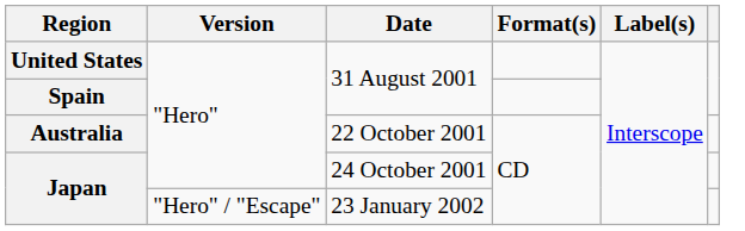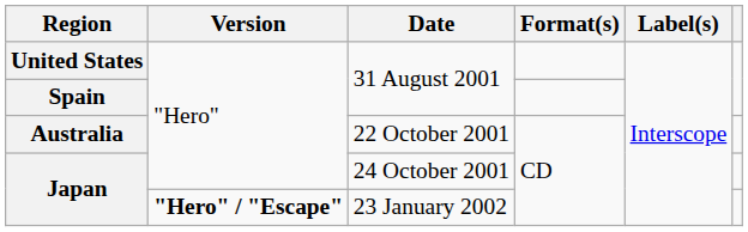 <table class="wikitable plainrowheaders">
 <tr>
 <th scope="col">Region</th>
 <th scope="col">Version</th>
 <th scope="col">Date</th>
 <th scope="col">Format(s)</th>
 <th scope="col">Label(s)</th>
 <th scope="col"></th>
 </tr>
 <tr>
 <th scope="row">United States</th>
 <td rowspan="4">"Hero"</td>
 <td rowspan="2">31 August 2001</td>
 <td></td>
 <td rowspan="6"><a href='#'>Interscope</a></td>
 <td rowspan="2"></td>
 </tr>
 <tr>
 <th scope="row">Spain</th>
 </tr>
 <tr>
 <th scope="row">Australia</th>
 <td>22 October 2001</td>
 <td rowspan="3">CD</td>
 <td></td>
 </tr>
 <tr>
 <th scope="row" rowspan="2">Japan</th>
 <td>24 October 2001</td>
 <td></td>
 </tr>
 <tr>
-<td>"Hero" / "Escape"</td>
+<td><strong>"Hero" / "Escape"</strong></td>
 <td>23 January 2002</td>
 <td></td>
 </tr>
 </table>
